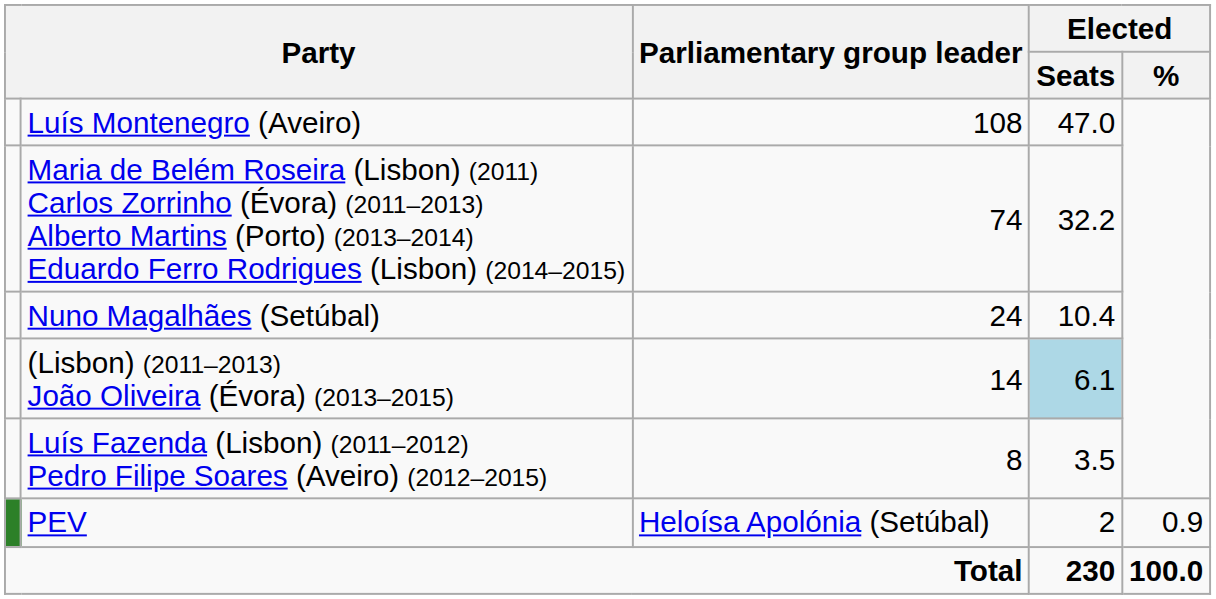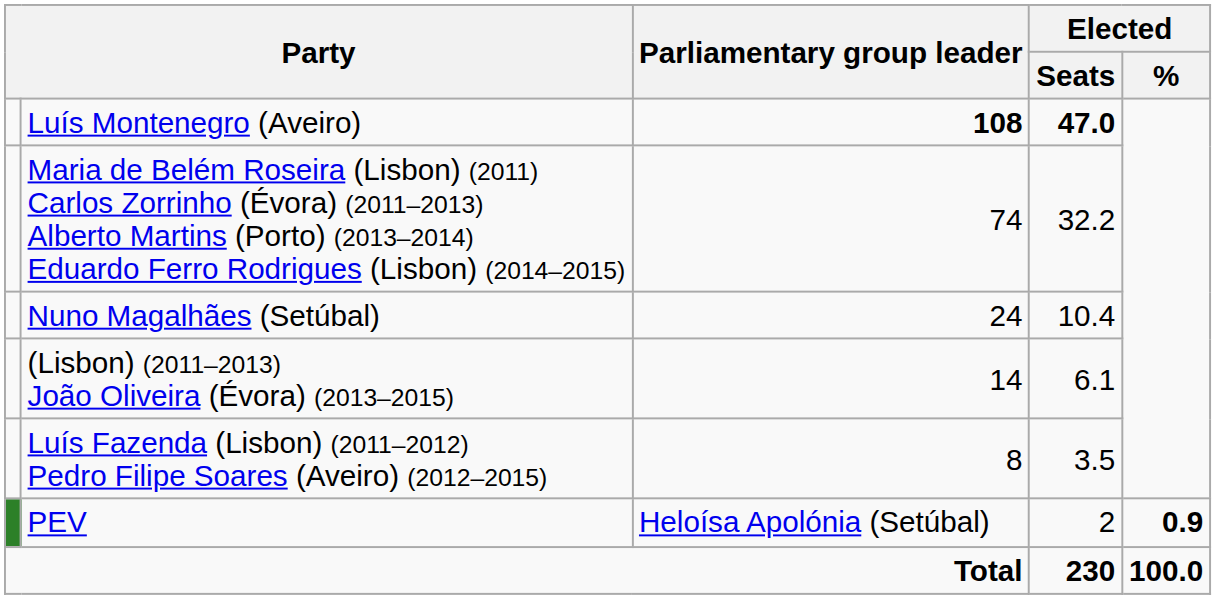 <table class="wikitable" style="text-align:right; font-size:95%;">
 <tr>
 <th colspan="2" rowspan="2">Party</th>
 <th rowspan="2">Parliamentary group leader</th>
 <th colspan="2">Elected</th>
 </tr>
 <tr>
 <th>Seats</th>
 <th>%</th>
 </tr>
 <tr>
 <td></td>
 <td align="left"><a href='#'>Luís Montenegro</a> (Aveiro)</td>
-<td align="right">108</td>
-<td align="right">47.0</td>
+<td align="right"><strong>108</strong></td>
+<td align="right"><strong>47.0</strong></td>
 </tr>
 <tr>
 <td></td>
 <td align="left"><a href='#'>Maria de Belém Roseira</a> (Lisbon) <small>(2011)</small><br><a href='#'>Carlos Zorrinho</a> (Évora) <small>(2011–2013)</small><br><a href='#'>Alberto Martins</a> (Porto) <small>(2013–2014)</small><br><a href='#'>Eduardo Ferro Rodrigues</a> (Lisbon) <small>(2014–2015)</small></td>
 <td align="right">74</td>
 <td align="right">32.2</td>
 </tr>
 <tr>
 <td></td>
 <td align="left"><a href='#'>Nuno Magalhães</a> (Setúbal)</td>
 <td align="right">24</td>
 <td align="right">10.4</td>
 </tr>
 <tr>
 <td></td>
 <td align="left"> (Lisbon) <small>(2011–2013)</small><br><a href='#'>João Oliveira</a> (Évora) <small>(2013–2015)</small></td>
 <td align="right">14</td>
-<td align="right" style="background: lightblue;">6.1</td>
+<td align="right">6.1</td>
 </tr>
 <tr>
 <td></td>
 <td align="left"><a href='#'>Luís Fazenda</a> (Lisbon) <small>(2011–2012)</small><br><a href='#'>Pedro Filipe Soares</a> (Aveiro) <small>(2012–2015)</small></td>
 <td align="right">8</td>
 <td align="right">3.5</td>
 </tr>
 <tr>
 <td style="width:1px; background:#2C8028; text-align:center;"></td>
 <td style="text-align:left;"><a href='#'>PEV</a></td>
 <td align="left"><a href='#'>Heloísa Apolónia</a> (Setúbal)</td>
 <td align="right">2</td>
-<td align="right">0.9</td>
+<td align="right"><strong>0.9</strong></td>
 </tr>
 <tr>
 <td colspan="3"> <strong>Total</strong></td>
 <td align="right"><strong>230</strong></td>
 <td align="right"><strong>100.0</strong></td>
 </tr>
 </table>
